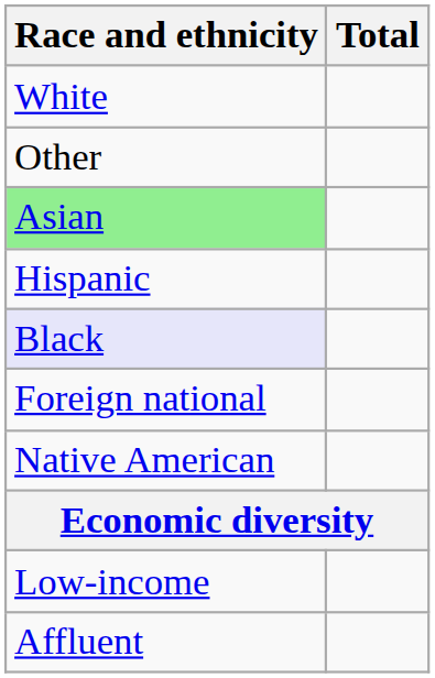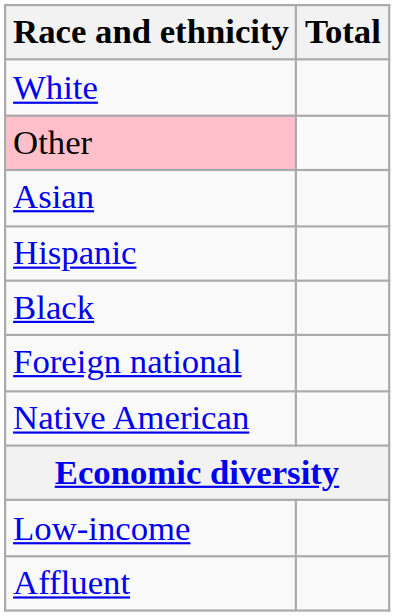 <table class="wikitable floatright sortable collapsible"; text-align:right; font-size:80%;">
 <tr>
 <th>Race and ethnicity</th>
 <th colspan="2" data-sort-type=number>Total</th>
 </tr>
 <tr>
 <td><a href='#'>White</a></td>
 <td align=right></td>
 </tr>
 <tr>
-<td>Other</td>
+<td style="background: pink;">Other</td>
 <td align=right></td>
 </tr>
 <tr>
-<td style="background: lightgreen;"><a href='#'>Asian</a></td>
+<td><a href='#'>Asian</a></td>
 <td align=right></td>
 </tr>
 <tr>
 <td><a href='#'>Hispanic</a></td>
 <td align=right></td>
 </tr>
 <tr>
-<td style="background: lavender;"><a href='#'>Black</a></td>
+<td><a href='#'>Black</a></td>
 <td align=right></td>
 </tr>
 <tr>
 <td><a href='#'>Foreign national</a></td>
 <td align=right></td>
 </tr>
 <tr>
 <td><a href='#'>Native American</a></td>
 <td align=right></td>
 </tr>
 <tr>
 <th colspan="4" data-sort-type=number><a href='#'>Economic diversity</a></th>
 </tr>
 <tr>
 <td><a href='#'>Low-income</a></td>
 <td align=right></td>
 </tr>
 <tr>
 <td><a href='#'>Affluent</a></td>
 <td align=right></td>
 </tr>
 </table>
